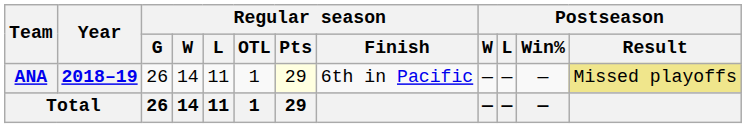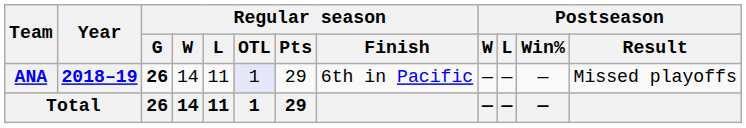 <table class="wikitable" style="font-size:95%; text-align:center;">
 <tr>
 <th rowspan="2">Team</th>
 <th rowspan="2">Year</th>
 <th colspan="6">Regular season</th>
 <th colspan="5">Postseason</th>
 </tr>
 <tr>
 <th>G</th>
 <th>W</th>
 <th>L</th>
 <th>OTL</th>
 <th>Pts</th>
 <th>Finish</th>
 <th>W</th>
 <th>L</th>
 <th>Win%</th>
 <th>Result</th>
 </tr>
 <tr>
 <th><a href='#'>ANA</a></th>
 <th><a href='#'>2018–19</a></th>
-<td>26</td>
+<td><strong>26</strong></td>
 <td>14</td>
 <td>11</td>
-<td>1</td>
-<td style="background: lightyellow;">29</td>
+<td style="background: lavender;">1</td>
+<td>29</td>
 <td>6th in <a href='#'>Pacific</a></td>
 <td>—</td>
 <td>—</td>
 <td>—</td>
-<td style="background: khaki;">Missed playoffs</td>
+<td>Missed playoffs</td>
 </tr>
 <tr>
 <th colspan="2">Total</th>
 <th>26</th>
 <th>14</th>
 <th>11</th>
 <th>1</th>
 <th>29</th>
 <th> </th>
 <th>—</th>
 <th>—</th>
 <th>—</th>
 <th> </th>
 </tr>
 </table>
